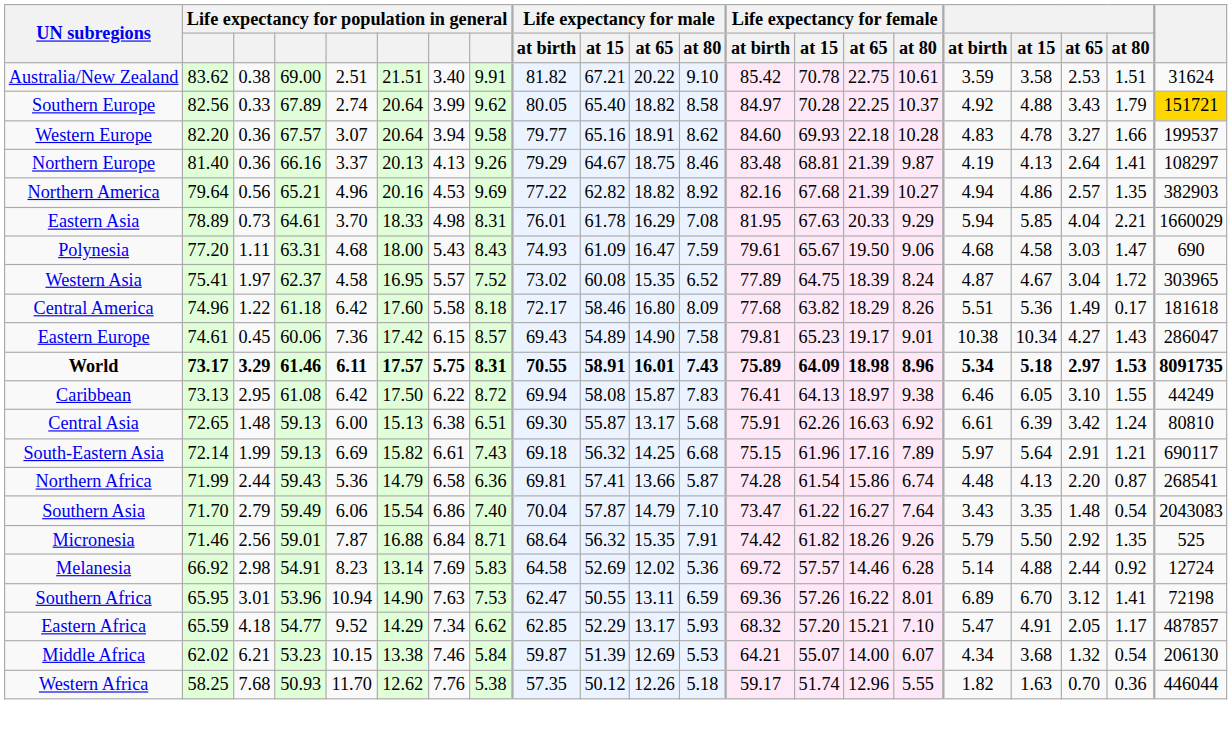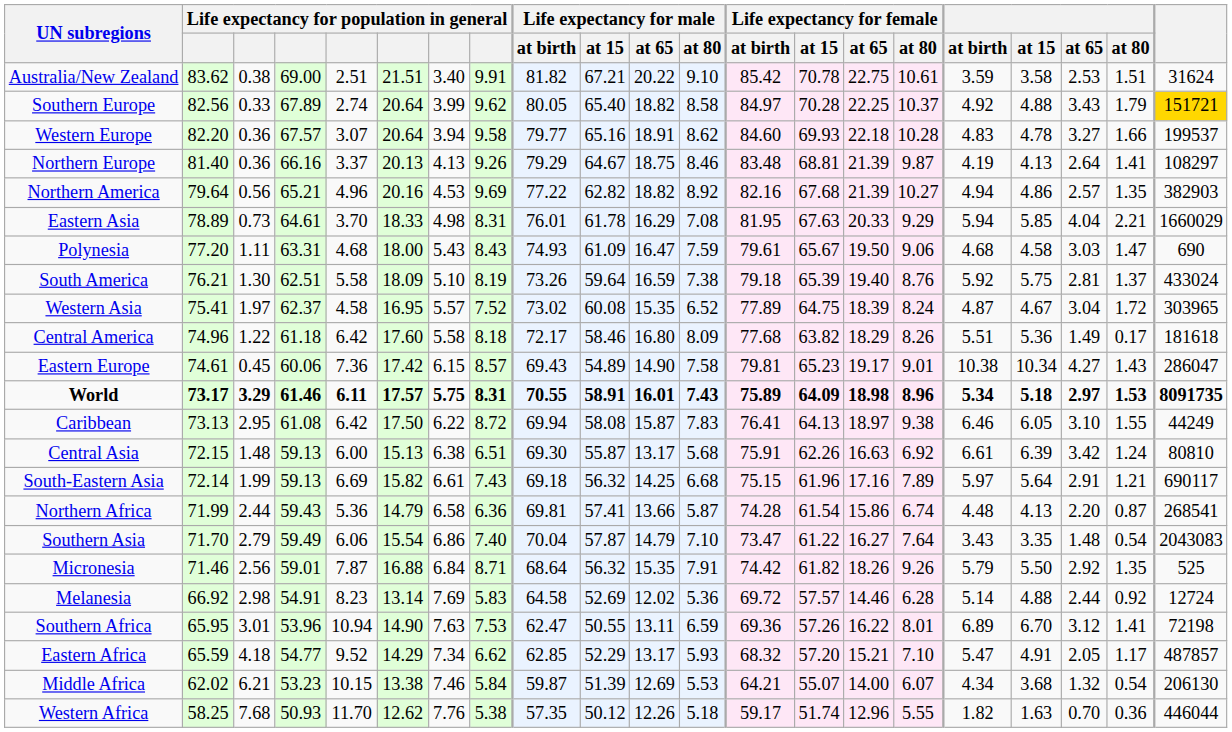 <table class="wikitable sortable mw-datatable static-row-numbers sort-under col1left col21right" style="text-align:center;">
 <tr>
 <th rowspan=2 style="vertical-align:middle;"><a href='#'>UN subregions</a></th>
 <th colspan=7>Life expectancy for population in general</th>
 <th colspan=4 style="border-left-width:2px;">Life expectancy for male</th>
 <th colspan=4 style="border-left-width:2px;">Life expectancy for female</th>
 <th colspan=4 style="border-left-width:2px;"></th>
 <th rowspan=2 style="border-left-width:2px; text-align:middle;"></th>
 </tr>
 <tr>
 <th style="vertical-align:middle;"></th>
 <th></th>
 <th style="vertical-align:middle;"></th>
 <th></th>
 <th style="vertical-align:middle;"></th>
 <th></th>
 <th style="vertical-align:middle;"></th>
 <th style="vertical-align:middle;border-left-width:2px;">at birth</th>
 <th style="vertical-align:middle;">at 15</th>
 <th style="vertical-align:middle;">at 65</th>
 <th style="vertical-align:middle;">at 80</th>
 <th style="vertical-align:middle;border-left-width:2px;">at birth</th>
 <th style="vertical-align:middle;">at 15</th>
 <th style="vertical-align:middle;">at 65</th>
 <th style="vertical-align:middle;">at 80</th>
 <th style="vertical-align:middle;border-left-width:2px;">at birth</th>
 <th style="vertical-align:middle;">at 15</th>
 <th style="vertical-align:middle;">at 65</th>
 <th style="vertical-align:middle;">at 80</th>
 </tr>
 <tr>
 <td><a href='#'>Australia/New Zealand</a></td>
 <td style="background:#e0ffd8;">83.62</td>
 <td>0.38</td>
 <td style="background:#e0ffd8;">69.00</td>
 <td>2.51</td>
 <td style="background:#e0ffd8;">21.51</td>
 <td>3.40</td>
 <td style="background:#e0ffd8;">9.91</td>
 <td style="background:#eaf3ff;border-left-width:2px;">81.82</td>
 <td style="background:#eaf3ff;">67.21</td>
 <td style="background:#eaf3ff;">20.22</td>
 <td style="background:#eaf3ff;">9.10</td>
 <td style="background:#fee7f6;border-left-width:2px;">85.42</td>
 <td style="background:#fee7f6;">70.78</td>
 <td style="background:#fee7f6;">22.75</td>
 <td style="background:#fee7f6;">10.61</td>
 <td style="border-left-width:2px;">3.59</td>
 <td>3.58</td>
 <td>2.53</td>
 <td>1.51</td>
 <td style="border-left-width:2px;">31624</td>
 </tr>
 <tr>
 <td><a href='#'>Southern Europe</a></td>
 <td style="background:#e0ffd8;">82.56</td>
 <td>0.33</td>
 <td style="background:#e0ffd8;">67.89</td>
 <td>2.74</td>
 <td style="background:#e0ffd8;">20.64</td>
 <td>3.99</td>
 <td style="background:#e0ffd8;">9.62</td>
 <td style="background:#eaf3ff;border-left-width:2px;">80.05</td>
 <td style="background:#eaf3ff;">65.40</td>
 <td style="background:#eaf3ff;">18.82</td>
 <td style="background:#eaf3ff;">8.58</td>
 <td style="background:#fee7f6;border-left-width:2px;">84.97</td>
 <td style="background:#fee7f6;">70.28</td>
 <td style="background:#fee7f6;">22.25</td>
 <td style="background:#fee7f6;">10.37</td>
 <td style="border-left-width:2px;">4.92</td>
 <td>4.88</td>
 <td>3.43</td>
 <td>1.79</td>
 <td style="background: gold; border-left-width:2px;">151721</td>
 </tr>
 <tr>
 <td><a href='#'>Western Europe</a></td>
 <td style="background:#e0ffd8;">82.20</td>
 <td>0.36</td>
 <td style="background:#e0ffd8;">67.57</td>
 <td>3.07</td>
 <td style="background:#e0ffd8;">20.64</td>
 <td>3.94</td>
 <td style="background:#e0ffd8;">9.58</td>
 <td style="background:#eaf3ff;border-left-width:2px;">79.77</td>
 <td style="background:#eaf3ff;">65.16</td>
 <td style="background:#eaf3ff;">18.91</td>
 <td style="background:#eaf3ff;">8.62</td>
 <td style="background:#fee7f6;border-left-width:2px;">84.60</td>
 <td style="background:#fee7f6;">69.93</td>
 <td style="background:#fee7f6;">22.18</td>
 <td style="background:#fee7f6;">10.28</td>
 <td style="border-left-width:2px;">4.83</td>
 <td>4.78</td>
 <td>3.27</td>
 <td>1.66</td>
 <td style="border-left-width:2px;">199537</td>
 </tr>
 <tr>
 <td><a href='#'>Northern Europe</a></td>
 <td style="background:#e0ffd8;">81.40</td>
 <td>0.36</td>
 <td style="background:#e0ffd8;">66.16</td>
 <td>3.37</td>
 <td style="background:#e0ffd8;">20.13</td>
 <td>4.13</td>
 <td style="background:#e0ffd8;">9.26</td>
 <td style="background:#eaf3ff;border-left-width:2px;">79.29</td>
 <td style="background:#eaf3ff;">64.67</td>
 <td style="background:#eaf3ff;">18.75</td>
 <td style="background:#eaf3ff;">8.46</td>
 <td style="background:#fee7f6;border-left-width:2px;">83.48</td>
 <td style="background:#fee7f6;">68.81</td>
 <td style="background:#fee7f6;">21.39</td>
 <td style="background:#fee7f6;">9.87</td>
 <td style="border-left-width:2px;">4.19</td>
 <td>4.13</td>
 <td>2.64</td>
 <td>1.41</td>
 <td style="border-left-width:2px;">108297</td>
 </tr>
 <tr>
 <td><a href='#'>Northern America</a></td>
 <td style="background:#e0ffd8;">79.64</td>
 <td>0.56</td>
 <td style="background:#e0ffd8;">65.21</td>
 <td>4.96</td>
 <td style="background:#e0ffd8;">20.16</td>
 <td>4.53</td>
 <td style="background:#e0ffd8;">9.69</td>
 <td style="background:#eaf3ff;border-left-width:2px;">77.22</td>
 <td style="background:#eaf3ff;">62.82</td>
 <td style="background:#eaf3ff;">18.82</td>
 <td style="background:#eaf3ff;">8.92</td>
 <td style="background:#fee7f6;border-left-width:2px;">82.16</td>
 <td style="background:#fee7f6;">67.68</td>
 <td style="background:#fee7f6;">21.39</td>
 <td style="background:#fee7f6;">10.27</td>
 <td style="border-left-width:2px;">4.94</td>
 <td>4.86</td>
 <td>2.57</td>
 <td>1.35</td>
 <td style="border-left-width:2px;">382903</td>
 </tr>
 <tr>
 <td><a href='#'>Eastern Asia</a></td>
 <td style="background:#e0ffd8;">78.89</td>
 <td>0.73</td>
 <td style="background:#e0ffd8;">64.61</td>
 <td>3.70</td>
 <td style="background:#e0ffd8;">18.33</td>
 <td>4.98</td>
 <td style="background:#e0ffd8;">8.31</td>
 <td style="background:#eaf3ff;border-left-width:2px;">76.01</td>
 <td style="background:#eaf3ff;">61.78</td>
 <td style="background:#eaf3ff;">16.29</td>
 <td style="background:#eaf3ff;">7.08</td>
 <td style="background:#fee7f6;border-left-width:2px;">81.95</td>
 <td style="background:#fee7f6;">67.63</td>
 <td style="background:#fee7f6;">20.33</td>
 <td style="background:#fee7f6;">9.29</td>
 <td style="border-left-width:2px;">5.94</td>
 <td>5.85</td>
 <td>4.04</td>
 <td>2.21</td>
 <td style="border-left-width:2px;">1660029</td>
 </tr>
 <tr>
 <td><a href='#'>Polynesia</a></td>
 <td style="background:#e0ffd8;">77.20</td>
 <td>1.11</td>
 <td style="background:#e0ffd8;">63.31</td>
 <td>4.68</td>
 <td style="background:#e0ffd8;">18.00</td>
 <td>5.43</td>
 <td style="background:#e0ffd8;">8.43</td>
 <td style="background:#eaf3ff;border-left-width:2px;">74.93</td>
 <td style="background:#eaf3ff;">61.09</td>
 <td style="background:#eaf3ff;">16.47</td>
 <td style="background:#eaf3ff;">7.59</td>
 <td style="background:#fee7f6;border-left-width:2px;">79.61</td>
 <td style="background:#fee7f6;">65.67</td>
 <td style="background:#fee7f6;">19.50</td>
 <td style="background:#fee7f6;">9.06</td>
 <td style="border-left-width:2px;">4.68</td>
 <td>4.58</td>
 <td>3.03</td>
 <td>1.47</td>
 <td style="border-left-width:2px;">690</td>
 </tr>
 <tr>
+<td><a href='#'>South America</a></td>
+<td style="background:#e0ffd8;">76.21</td>
+<td>1.30</td>
+<td style="background:#e0ffd8;">62.51</td>
+<td>5.58</td>
+<td style="background:#e0ffd8;">18.09</td>
+<td>5.10</td>
+<td style="background:#e0ffd8;">8.19</td>
+<td style="background:#eaf3ff;border-left-width:2px;">73.26</td>
+<td style="background:#eaf3ff;">59.64</td>
+<td style="background:#eaf3ff;">16.59</td>
+<td style="background:#eaf3ff;">7.38</td>
+<td style="background:#fee7f6;border-left-width:2px;">79.18</td>
+<td style="background:#fee7f6;">65.39</td>
+<td style="background:#fee7f6;">19.40</td>
+<td style="background:#fee7f6;">8.76</td>
+<td style="border-left-width:2px;">5.92</td>
+<td>5.75</td>
+<td>2.81</td>
+<td>1.37</td>
+<td style="border-left-width:2px;">433024</td>
+</tr>
+<tr>
 <td><a href='#'>Western Asia</a></td>
 <td style="background:#e0ffd8;">75.41</td>
 <td>1.97</td>
 <td style="background:#e0ffd8;">62.37</td>
 <td>4.58</td>
 <td style="background:#e0ffd8;">16.95</td>
 <td>5.57</td>
 <td style="background:#e0ffd8;">7.52</td>
 <td style="background:#eaf3ff;border-left-width:2px;">73.02</td>
 <td style="background:#eaf3ff;">60.08</td>
 <td style="background:#eaf3ff;">15.35</td>
 <td style="background:#eaf3ff;">6.52</td>
 <td style="background:#fee7f6;border-left-width:2px;">77.89</td>
 <td style="background:#fee7f6;">64.75</td>
 <td style="background:#fee7f6;">18.39</td>
 <td style="background:#fee7f6;">8.24</td>
 <td style="border-left-width:2px;">4.87</td>
 <td>4.67</td>
 <td>3.04</td>
 <td>1.72</td>
 <td style="border-left-width:2px;">303965</td>
 </tr>
 <tr>
 <td><a href='#'>Central America</a></td>
 <td style="background:#e0ffd8;">74.96</td>
 <td>1.22</td>
 <td style="background:#e0ffd8;">61.18</td>
 <td>6.42</td>
 <td style="background:#e0ffd8;">17.60</td>
 <td>5.58</td>
 <td style="background:#e0ffd8;">8.18</td>
 <td style="background:#eaf3ff;border-left-width:2px;">72.17</td>
 <td style="background:#eaf3ff;">58.46</td>
 <td style="background:#eaf3ff;">16.80</td>
 <td style="background:#eaf3ff;">8.09</td>
 <td style="background:#fee7f6;border-left-width:2px;">77.68</td>
 <td style="background:#fee7f6;">63.82</td>
 <td style="background:#fee7f6;">18.29</td>
 <td style="background:#fee7f6;">8.26</td>
 <td style="border-left-width:2px;">5.51</td>
 <td>5.36</td>
 <td>1.49</td>
 <td>0.17</td>
 <td style="border-left-width:2px;">181618</td>
 </tr>
 <tr>
 <td><a href='#'>Eastern Europe</a></td>
 <td style="background:#e0ffd8;">74.61</td>
 <td>0.45</td>
 <td style="background:#e0ffd8;">60.06</td>
 <td>7.36</td>
 <td style="background:#e0ffd8;">17.42</td>
 <td>6.15</td>
 <td style="background:#e0ffd8;">8.57</td>
 <td style="background:#eaf3ff;border-left-width:2px;">69.43</td>
 <td style="background:#eaf3ff;">54.89</td>
 <td style="background:#eaf3ff;">14.90</td>
 <td style="background:#eaf3ff;">7.58</td>
 <td style="background:#fee7f6;border-left-width:2px;">79.81</td>
 <td style="background:#fee7f6;">65.23</td>
 <td style="background:#fee7f6;">19.17</td>
 <td style="background:#fee7f6;">9.01</td>
 <td style="border-left-width:2px;">10.38</td>
 <td>10.34</td>
 <td>4.27</td>
 <td>1.43</td>
 <td style="border-left-width:2px;">286047</td>
 </tr>
 <tr class=static-row-header>
 <td><strong>World</strong></td>
 <td style="background:#e0ffd8;"><strong>73.17</strong></td>
 <td><strong>3.29</strong></td>
 <td style="background:#e0ffd8;"><strong>61.46</strong></td>
 <td><strong>6.11</strong></td>
 <td style="background:#e0ffd8;"><strong>17.57</strong></td>
 <td><strong>5.75</strong></td>
 <td style="background:#e0ffd8;"><strong>8.31</strong></td>
 <td style="background:#eaf3ff;border-left-width:2px;"><strong>70.55</strong></td>
 <td style="background:#eaf3ff;"><strong>58.91</strong></td>
 <td style="background:#eaf3ff;"><strong>16.01</strong></td>
 <td style="background:#eaf3ff;"><strong>7.43</strong></td>
 <td style="background:#fee7f6;border-left-width:2px;"><strong>75.89</strong></td>
 <td style="background:#fee7f6;"><strong>64.09</strong></td>
 <td style="background:#fee7f6;"><strong>18.98</strong></td>
 <td style="background:#fee7f6;"><strong>8.96</strong></td>
 <td style="border-left-width:2px;"><strong>5.34</strong></td>
 <td><strong>5.18</strong></td>
 <td><strong>2.97</strong></td>
 <td><strong>1.53</strong></td>
 <td style="border-left-width:2px;"><strong>8091735</strong></td>
 </tr>
 <tr>
 <td><a href='#'>Caribbean</a></td>
 <td style="background:#e0ffd8;">73.13</td>
 <td>2.95</td>
 <td style="background:#e0ffd8;">61.08</td>
 <td>6.42</td>
 <td style="background:#e0ffd8;">17.50</td>
 <td>6.22</td>
 <td style="background:#e0ffd8;">8.72</td>
 <td style="background:#eaf3ff;border-left-width:2px;">69.94</td>
 <td style="background:#eaf3ff;">58.08</td>
 <td style="background:#eaf3ff;">15.87</td>
 <td style="background:#eaf3ff;">7.83</td>
 <td style="background:#fee7f6;border-left-width:2px;">76.41</td>
 <td style="background:#fee7f6;">64.13</td>
 <td style="background:#fee7f6;">18.97</td>
 <td style="background:#fee7f6;">9.38</td>
 <td style="border-left-width:2px;">6.46</td>
 <td>6.05</td>
 <td>3.10</td>
 <td>1.55</td>
 <td style="border-left-width:2px;">44249</td>
 </tr>
 <tr>
 <td><a href='#'>Central Asia</a></td>
-<td style="background:#e0ffd8;">72.65</td>
+<td style="background:#e0ffd8;">72.15</td>
 <td>1.48</td>
 <td style="background:#e0ffd8;">59.13</td>
 <td>6.00</td>
 <td style="background:#e0ffd8;">15.13</td>
 <td>6.38</td>
 <td style="background:#e0ffd8;">6.51</td>
 <td style="background:#eaf3ff;border-left-width:2px;">69.30</td>
 <td style="background:#eaf3ff;">55.87</td>
 <td style="background:#eaf3ff;">13.17</td>
 <td style="background:#eaf3ff;">5.68</td>
 <td style="background:#fee7f6;border-left-width:2px;">75.91</td>
 <td style="background:#fee7f6;">62.26</td>
 <td style="background:#fee7f6;">16.63</td>
 <td style="background:#fee7f6;">6.92</td>
 <td style="border-left-width:2px;">6.61</td>
 <td>6.39</td>
 <td>3.42</td>
 <td>1.24</td>
 <td style="border-left-width:2px;">80810</td>
 </tr>
 <tr>
 <td><a href='#'>South-Eastern Asia</a></td>
 <td style="background:#e0ffd8;">72.14</td>
 <td>1.99</td>
 <td style="background:#e0ffd8;">59.13</td>
 <td>6.69</td>
 <td style="background:#e0ffd8;">15.82</td>
 <td>6.61</td>
 <td style="background:#e0ffd8;">7.43</td>
 <td style="background:#eaf3ff;border-left-width:2px;">69.18</td>
 <td style="background:#eaf3ff;">56.32</td>
 <td style="background:#eaf3ff;">14.25</td>
 <td style="background:#eaf3ff;">6.68</td>
 <td style="background:#fee7f6;border-left-width:2px;">75.15</td>
 <td style="background:#fee7f6;">61.96</td>
 <td style="background:#fee7f6;">17.16</td>
 <td style="background:#fee7f6;">7.89</td>
 <td style="border-left-width:2px;">5.97</td>
 <td>5.64</td>
 <td>2.91</td>
 <td>1.21</td>
 <td style="border-left-width:2px;">690117</td>
 </tr>
 <tr>
 <td><a href='#'>Northern Africa</a></td>
 <td style="background:#e0ffd8;">71.99</td>
 <td>2.44</td>
 <td style="background:#e0ffd8;">59.43</td>
 <td>5.36</td>
 <td style="background:#e0ffd8;">14.79</td>
 <td>6.58</td>
 <td style="background:#e0ffd8;">6.36</td>
 <td style="background:#eaf3ff;border-left-width:2px;">69.81</td>
 <td style="background:#eaf3ff;">57.41</td>
 <td style="background:#eaf3ff;">13.66</td>
 <td style="background:#eaf3ff;">5.87</td>
 <td style="background:#fee7f6;border-left-width:2px;">74.28</td>
 <td style="background:#fee7f6;">61.54</td>
 <td style="background:#fee7f6;">15.86</td>
 <td style="background:#fee7f6;">6.74</td>
 <td style="border-left-width:2px;">4.48</td>
 <td>4.13</td>
 <td>2.20</td>
 <td>0.87</td>
 <td style="border-left-width:2px;">268541</td>
 </tr>
 <tr>
 <td><a href='#'>Southern Asia</a></td>
 <td style="background:#e0ffd8;">71.70</td>
 <td>2.79</td>
 <td style="background:#e0ffd8;">59.49</td>
 <td>6.06</td>
 <td style="background:#e0ffd8;">15.54</td>
 <td>6.86</td>
 <td style="background:#e0ffd8;">7.40</td>
 <td style="background:#eaf3ff;border-left-width:2px;">70.04</td>
 <td style="background:#eaf3ff;">57.87</td>
 <td style="background:#eaf3ff;">14.79</td>
 <td style="background:#eaf3ff;">7.10</td>
 <td style="background:#fee7f6;border-left-width:2px;">73.47</td>
 <td style="background:#fee7f6;">61.22</td>
 <td style="background:#fee7f6;">16.27</td>
 <td style="background:#fee7f6;">7.64</td>
 <td style="border-left-width:2px;">3.43</td>
 <td>3.35</td>
 <td>1.48</td>
 <td>0.54</td>
 <td style="border-left-width:2px;">2043083</td>
 </tr>
 <tr>
 <td><a href='#'>Micronesia</a></td>
 <td style="background:#e0ffd8;">71.46</td>
 <td>2.56</td>
 <td style="background:#e0ffd8;">59.01</td>
 <td>7.87</td>
 <td style="background:#e0ffd8;">16.88</td>
 <td>6.84</td>
 <td style="background:#e0ffd8;">8.71</td>
 <td style="background:#eaf3ff;border-left-width:2px;">68.64</td>
 <td style="background:#eaf3ff;">56.32</td>
 <td style="background:#eaf3ff;">15.35</td>
 <td style="background:#eaf3ff;">7.91</td>
 <td style="background:#fee7f6;border-left-width:2px;">74.42</td>
 <td style="background:#fee7f6;">61.82</td>
 <td style="background:#fee7f6;">18.26</td>
 <td style="background:#fee7f6;">9.26</td>
 <td style="border-left-width:2px;">5.79</td>
 <td>5.50</td>
 <td>2.92</td>
 <td>1.35</td>
 <td style="border-left-width:2px;">525</td>
 </tr>
 <tr>
 <td><a href='#'>Melanesia</a></td>
 <td style="background:#e0ffd8;">66.92</td>
 <td>2.98</td>
 <td style="background:#e0ffd8;">54.91</td>
 <td>8.23</td>
 <td style="background:#e0ffd8;">13.14</td>
 <td>7.69</td>
 <td style="background:#e0ffd8;">5.83</td>
 <td style="background:#eaf3ff;border-left-width:2px;">64.58</td>
 <td style="background:#eaf3ff;">52.69</td>
 <td style="background:#eaf3ff;">12.02</td>
 <td style="background:#eaf3ff;">5.36</td>
 <td style="background:#fee7f6;border-left-width:2px;">69.72</td>
 <td style="background:#fee7f6;">57.57</td>
 <td style="background:#fee7f6;">14.46</td>
 <td style="background:#fee7f6;">6.28</td>
 <td style="border-left-width:2px;">5.14</td>
 <td>4.88</td>
 <td>2.44</td>
 <td>0.92</td>
 <td style="border-left-width:2px;">12724</td>
 </tr>
 <tr>
 <td><a href='#'>Southern Africa</a></td>
 <td style="background:#e0ffd8;">65.95</td>
 <td>3.01</td>
 <td style="background:#e0ffd8;">53.96</td>
 <td>10.94</td>
 <td style="background:#e0ffd8;">14.90</td>
 <td>7.63</td>
 <td style="background:#e0ffd8;">7.53</td>
 <td style="background:#eaf3ff;border-left-width:2px;">62.47</td>
 <td style="background:#eaf3ff;">50.55</td>
 <td style="background:#eaf3ff;">13.11</td>
 <td style="background:#eaf3ff;">6.59</td>
 <td style="background:#fee7f6;border-left-width:2px;">69.36</td>
 <td style="background:#fee7f6;">57.26</td>
 <td style="background:#fee7f6;">16.22</td>
 <td style="background:#fee7f6;">8.01</td>
 <td style="border-left-width:2px;">6.89</td>
 <td>6.70</td>
 <td>3.12</td>
 <td>1.41</td>
 <td style="border-left-width:2px;">72198</td>
 </tr>
 <tr>
 <td><a href='#'>Eastern Africa</a></td>
 <td style="background:#e0ffd8;">65.59</td>
 <td>4.18</td>
 <td style="background:#e0ffd8;">54.77</td>
 <td>9.52</td>
 <td style="background:#e0ffd8;">14.29</td>
 <td>7.34</td>
 <td style="background:#e0ffd8;">6.62</td>
 <td style="background:#eaf3ff;border-left-width:2px;">62.85</td>
 <td style="background:#eaf3ff;">52.29</td>
 <td style="background:#eaf3ff;">13.17</td>
 <td style="background:#eaf3ff;">5.93</td>
 <td style="background:#fee7f6;border-left-width:2px;">68.32</td>
 <td style="background:#fee7f6;">57.20</td>
 <td style="background:#fee7f6;">15.21</td>
 <td style="background:#fee7f6;">7.10</td>
 <td style="border-left-width:2px;">5.47</td>
 <td>4.91</td>
 <td>2.05</td>
 <td>1.17</td>
 <td style="border-left-width:2px;">487857</td>
 </tr>
 <tr>
 <td><a href='#'>Middle Africa</a></td>
 <td style="background:#e0ffd8;">62.02</td>
 <td>6.21</td>
 <td style="background:#e0ffd8;">53.23</td>
 <td>10.15</td>
 <td style="background:#e0ffd8;">13.38</td>
 <td>7.46</td>
 <td style="background:#e0ffd8;">5.84</td>
 <td style="background:#eaf3ff;border-left-width:2px;">59.87</td>
 <td style="background:#eaf3ff;">51.39</td>
 <td style="background:#eaf3ff;">12.69</td>
 <td style="background:#eaf3ff;">5.53</td>
 <td style="background:#fee7f6;border-left-width:2px;">64.21</td>
 <td style="background:#fee7f6;">55.07</td>
 <td style="background:#fee7f6;">14.00</td>
 <td style="background:#fee7f6;">6.07</td>
 <td style="border-left-width:2px;">4.34</td>
 <td>3.68</td>
 <td>1.32</td>
 <td>0.54</td>
 <td style="border-left-width:2px;">206130</td>
 </tr>
 <tr>
 <td><a href='#'>Western Africa</a></td>
 <td style="background:#e0ffd8;">58.25</td>
 <td>7.68</td>
 <td style="background:#e0ffd8;">50.93</td>
 <td>11.70</td>
 <td style="background:#e0ffd8;">12.62</td>
 <td>7.76</td>
 <td style="background:#e0ffd8;">5.38</td>
 <td style="background:#eaf3ff;border-left-width:2px;">57.35</td>
 <td style="background:#eaf3ff;">50.12</td>
 <td style="background:#eaf3ff;">12.26</td>
 <td style="background:#eaf3ff;">5.18</td>
 <td style="background:#fee7f6;border-left-width:2px;">59.17</td>
 <td style="background:#fee7f6;">51.74</td>
 <td style="background:#fee7f6;">12.96</td>
 <td style="background:#fee7f6;">5.55</td>
 <td style="border-left-width:2px;">1.82</td>
 <td>1.63</td>
 <td>0.70</td>
 <td>0.36</td>
 <td style="border-left-width:2px;">446044</td>
 </tr>
 </table>
